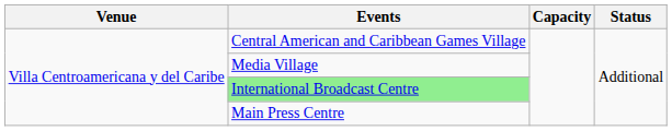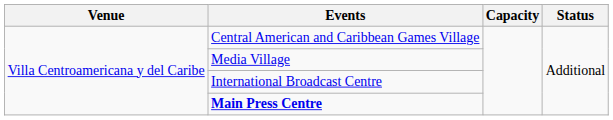 <table class="wikitable sortable">
 <tr>
 <th>Venue</th>
 <th>Events</th>
 <th>Capacity</th>
 <th>Status</th>
 </tr>
 <tr>
 <td rowspan=4><a href='#'>Villa Centroamericana y del Caribe</a></td>
 <td><a href='#'>Central American and Caribbean Games Village</a></td>
 <td rowspan=4></td>
 <td rowspan=4>Additional</td>
 </tr>
 <tr>
 <td><a href='#'>Media Village</a></td>
 </tr>
 <tr>
-<td style="background: lightgreen;"><a href='#'>International Broadcast Centre</a></td>
+<td><a href='#'>International Broadcast Centre</a></td>
 </tr>
 <tr>
-<td><a href='#'>Main Press Centre</a></td>
+<td><strong><a href='#'>Main Press Centre</a></strong></td>
 </tr>
 </table>
